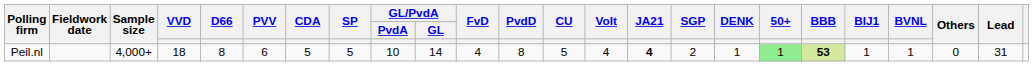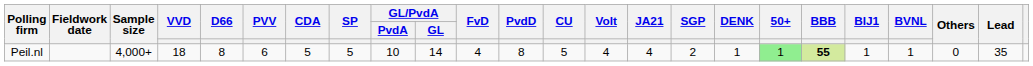 <table class="wikitable sortable mw-datatable" style="text-align:center;font-size:90%;line-height:14px;">
 <tr>
 <th rowspan="3">Polling firm</th>
 <th class="unsortable" rowspan="3">Fieldwork date</th>
 <th class="unsortable" rowspan="3">Sample<br>size</th>
 <th class="unsortable" style="width:50px;" rowspan="2"><a href='#'>VVD</a></th>
 <th class="unsortable" style="width:50px;" rowspan="2"><a href='#'>D66</a></th>
 <th class="unsortable" style="width:50px;" rowspan="2"><a href='#'>PVV</a></th>
 <th class="unsortable" style="width:50px;" rowspan="2"><a href='#'>CDA</a></th>
 <th class="unsortable" style="width:50px;" rowspan="2"><a href='#'>SP</a></th>
 <th class="unsortable" style="width:50px;" colspan="2"><a href='#'>GL/PvdA</a></th>
 <th class="unsortable" style="width:50px;" rowspan="2"><a href='#'>FvD</a></th>
 <th class="unsortable" style="width:50px;" rowspan="2"><a href='#'>PvdD</a></th>
 <th class="unsortable" style="width:50px;" rowspan="2"><a href='#'>CU</a></th>
 <th class="unsortable" style="width:50px;" rowspan="2"><a href='#'>Volt</a></th>
 <th class="unsortable" style="width:50px;" rowspan="2"><a href='#'>JA21</a></th>
 <th class="unsortable" style="width:50px;" rowspan="2"><a href='#'>SGP</a></th>
 <th class="unsortable" style="width:50px;" rowspan="2"><a href='#'>DENK</a></th>
 <th class="unsortable" style="width:50px;" rowspan="2"><a href='#'>50+</a></th>
 <th class="unsortable" style="width:50px;" rowspan="2"><a href='#'>BBB</a></th>
 <th class="unsortable" style="width:50px;" rowspan="2"><a href='#'>BIJ1</a></th>
 <th class="unsortable" style="width:50px;" rowspan="2"><a href='#'>BVNL</a></th>
 <th class="unsortable" style="width:50px;" rowspan="3">Others</th>
 <th class="unsortable" style="width:50px;" rowspan="3">Lead</th>
 <th class="unsortable" rowspan="3"></th>
 </tr>
 <tr>
 <th class="unsortable" style="width:50px;"><a href='#'>PvdA</a></th>
 <th class="unsortable" style="width:50px;"><a href='#'>GL</a></th>
 </tr>
 <tr>
 <th data-sort-type="number" style="background:"></th>
 <th data-sort-type="number" style="background:"></th>
 <th data-sort-type="number" style="background:"></th>
 <th data-sort-type="number" style="background:"></th>
 <th data-sort-type="number" style="background:"></th>
 <th data-sort-type="number" style="background:"></th>
 <th data-sort-type="number" style="background:"></th>
 <th data-sort-type="number" style="background:"></th>
 <th data-sort-type="number" style="background:"></th>
 <th data-sort-type="number" style="background:"></th>
 <th data-sort-type="number" style="background:"></th>
 <th data-sort-type="number" style="background:"></th>
 <th data-sort-type="number" style="background:"></th>
 <th data-sort-type="number" style="background:"></th>
 <th data-sort-type="number" style="background:"></th>
 <th data-sort-type="number" style="background:"></th>
 <th data-sort-type="number" style="background:"></th>
 <th data-sort-type="number" style="background:"></th>
 </tr>
 <tr>
 <td>Peil.nl</td>
 <td></td>
 <td>4,000+</td>
 <td>18</td>
 <td>8</td>
 <td>6</td>
 <td>5</td>
 <td>5</td>
 <td>10</td>
 <td>14</td>
 <td>4</td>
 <td>8</td>
 <td>5</td>
 <td>4</td>
-<td><strong>4</strong></td>
+<td>4</td>
 <td>2</td>
 <td>1</td>
 <td style="background: lightgreen;">1</td>
-<td style="background:#D3EA9E;"><strong>53</strong></td>
+<td style="background:#D3EA9E;"><strong>55</strong></td>
 <td>1</td>
 <td>1</td>
 <td>0</td>
-<td style="background:">31</td>
+<td style="background:">35</td>
 <td></td>
 </tr>
 </table>
